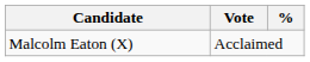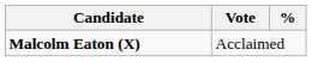 <table class="wikitable">
 <tr>
 <th bgcolor="#DDDDFF" width="200px">Candidate</th>
 <th bgcolor="#DDDDFF" width="50px">Vote</th>
 <th bgcolor="#DDDDFF" width="30px">%</th>
 </tr>
 <tr>
-<td>Malcolm Eaton (X)</td>
+<td><strong>Malcolm Eaton (X)</strong></td>
 <td colspan="2">Acclaimed</td>
 </tr>
 </table>
